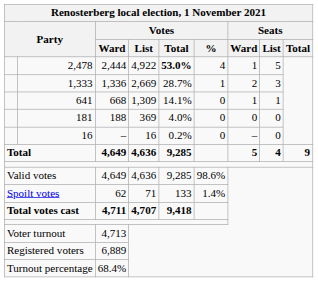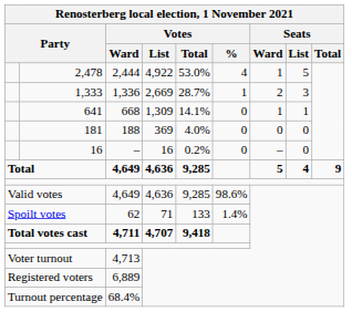 <table class=wikitable style="text-align:right">
 <tr>
 <th colspan="9" align="center">Renosterberg local election, 1 November 2021</th>
 </tr>
 <tr>
 <th rowspan="2" colspan="2">Party</th>
 <th colspan="4" align="center">Votes</th>
 <th colspan="3" align="center">Seats</th>
 </tr>
 <tr>
 <th>Ward</th>
 <th>List</th>
 <th>Total</th>
 <th>%</th>
 <th>Ward</th>
 <th>List</th>
 <th>Total</th>
 </tr>
 <tr>
 <td></td>
 <td>2,478</td>
 <td>2,444</td>
 <td>4,922</td>
-<td><strong>53.0%</strong></td>
+<td>53.0%</td>
 <td>4</td>
 <td>1</td>
 <td>5</td>
 </tr>
 <tr>
 <td></td>
 <td>1,333</td>
 <td>1,336</td>
 <td>2,669</td>
 <td>28.7%</td>
 <td>1</td>
 <td>2</td>
 <td>3</td>
 </tr>
 <tr>
 <td></td>
 <td>641</td>
 <td>668</td>
 <td>1,309</td>
 <td>14.1%</td>
 <td>0</td>
 <td>1</td>
 <td>1</td>
 </tr>
 <tr>
 <td></td>
 <td>181</td>
 <td>188</td>
 <td>369</td>
 <td>4.0%</td>
 <td>0</td>
 <td>0</td>
 <td>0</td>
 </tr>
 <tr>
 <td></td>
 <td>16</td>
 <td>–</td>
 <td>16</td>
 <td>0.2%</td>
 <td>0</td>
 <td>–</td>
 <td>0</td>
 </tr>
 <tr>
 <td colspan="2" style="text-align:left"><strong>Total</strong></td>
 <td><strong>4,649</strong></td>
 <td><strong>4,636</strong></td>
 <td><strong>9,285</strong></td>
 <td></td>
 <td><strong>5</strong></td>
 <td><strong>4</strong></td>
 <td><strong>9</strong></td>
 </tr>
 <tr>
 <td colspan="9"></td>
 </tr>
 <tr>
 <td colspan="2" style="text-align:left">Valid votes</td>
 <td>4,649</td>
 <td>4,636</td>
 <td>9,285</td>
 <td>98.6%</td>
 </tr>
 <tr>
 <td colspan="2" style="text-align:left"><a href='#'>Spoilt votes</a></td>
 <td>62</td>
 <td>71</td>
 <td>133</td>
 <td>1.4%</td>
 </tr>
 <tr>
 <td colspan="2" style="text-align:left"><strong>Total votes cast</strong></td>
 <td><strong>4,711</strong></td>
 <td><strong>4,707</strong></td>
 <td><strong>9,418</strong></td>
 <td></td>
 </tr>
 <tr>
 <td colspan="6"></td>
 </tr>
 <tr>
 <td colspan="2" style="text-align:left">Voter turnout</td>
 <td>4,713</td>
 </tr>
 <tr>
 <td colspan="2" style="text-align:left">Registered voters</td>
 <td>6,889</td>
 </tr>
 <tr>
 <td colspan="2" style="text-align:left">Turnout percentage</td>
 <td>68.4%</td>
 </tr>
 </table>
